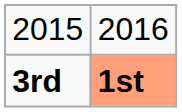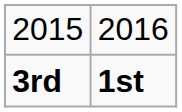 <table class="wikitable" border="1">
 <tr>
 <td>2015</td>
 <td>2016</td>
 </tr>
 <tr>
 <td><strong>3rd</strong></td>
-<td style="background: lightsalmon;"><strong>1st</strong></td>
+<td><strong>1st</strong></td>
 </tr>
 </table>
